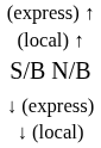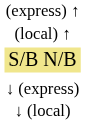 <table style="text-align:center;">
 <tr>
 <td><small>  (express) ↑ <br>  (local) ↑ </small></td>
 </tr>
 <tr>
-<td><span>S/B</span>   <span>N/B</span> </td>
+<td style="background: khaki;"><span>S/B</span>   <span>N/B</span> </td>
 </tr>
 <tr>
 <td><small> ↓  (express)<br> ↓  (local) </small></td>
 </tr>
 </table>
